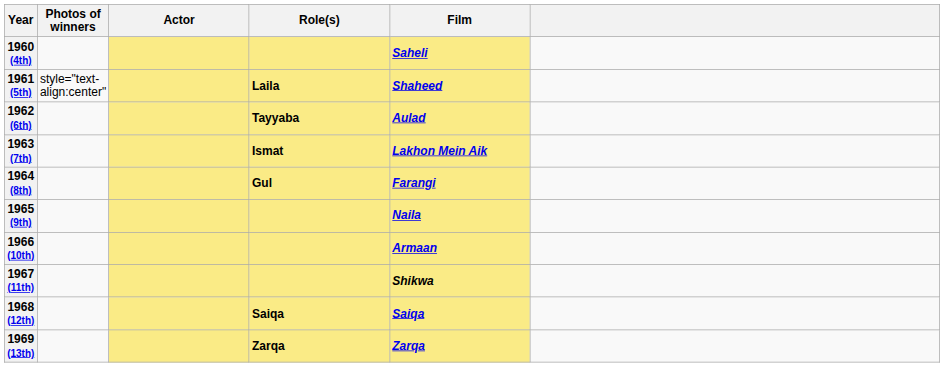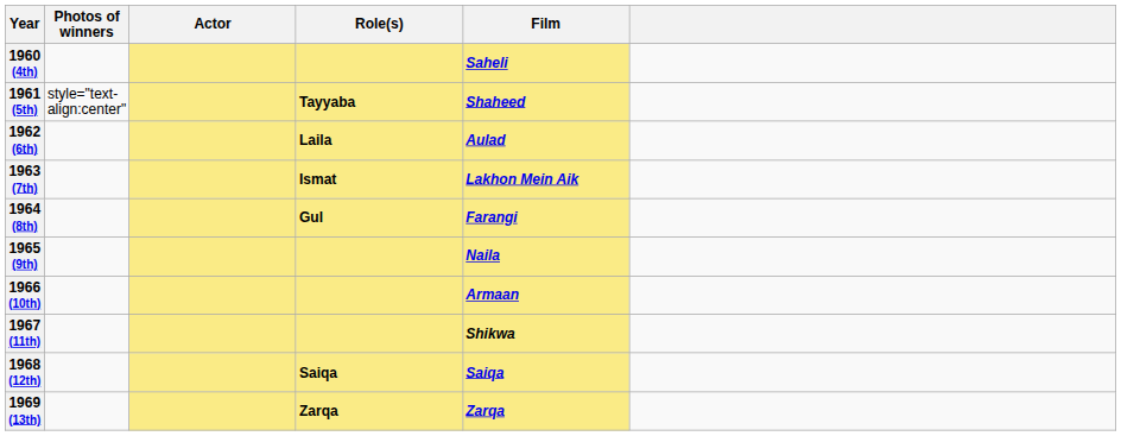 <table class="wikitable sortable" style="text-align:left;">
 <tr>
 <th scope="col" style="width:3%; text-align:center;">Year</th>
 <th scope="col" style="width:3%;text-align:center;">Photos of winners</th>
 <th scope="col" style="width:15%;text-align:center;">Actor</th>
 <th scope="col" style="width:15%;text-align:center;">Role(s)</th>
 <th scope="col" style="width:15%;text-align:center;">Film</th>
 <th scope="col" class="unsortable"></th>
 </tr>
 <tr>
 <th style="text-align:center">1960 <br><small><a href='#'>(4th)</a> </small></th>
 <td style="text-align:center"></td>
 <td style="background:#FAEB86;"><strong></strong> </td>
 <td style="background:#FAEB86;"><strong></strong></td>
 <td style="background:#FAEB86;"><strong><em><a href='#'>Saheli</a></em></strong></td>
 <td></td>
 </tr>
 <tr>
 <th style="text-align:center">1961 <br><small><a href='#'>(5th)</a></small></th>
 <td>style="text-align:center" </td>
 <td style="background:#FAEB86;"><strong></strong> </td>
-<td style="background:#FAEB86;"><strong>Laila</strong></td>
+<td style="background:#FAEB86;"><strong>Tayyaba</strong></td>
 <td style="background:#FAEB86;"><strong><em><a href='#'>Shaheed</a></em></strong></td>
 <td></td>
 </tr>
 <tr>
 <th style="text-align:center">1962 <br><small><a href='#'>(6th)</a> </small></th>
 <td style="text-align:center"></td>
 <td style="background:#FAEB86;"><strong></strong> </td>
-<td style="background:#FAEB86;"><strong>Tayyaba</strong></td>
+<td style="background:#FAEB86;"><strong>Laila</strong></td>
 <td style="background:#FAEB86;"><strong><em><a href='#'>Aulad</a></em></strong></td>
 <td></td>
 </tr>
 <tr>
 <th style="text-align:center">1963 <br><small><a href='#'>(7th)</a> </small></th>
 <td style="text-align:center"></td>
 <td style="background:#FAEB86;"><strong></strong> </td>
 <td style="background:#FAEB86;"><strong>Ismat</strong></td>
 <td style="background:#FAEB86;"><strong><em><a href='#'>Lakhon Mein Aik</a></em></strong></td>
 <td></td>
 </tr>
 <tr>
 <th style="text-align:center">1964 <br><small><a href='#'>(8th)</a> </small></th>
 <td style="text-align:center"></td>
 <td style="background:#FAEB86;"><strong></strong> </td>
 <td style="background:#FAEB86;"><strong>Gul</strong></td>
 <td style="background:#FAEB86;"><strong><em><a href='#'>Farangi</a></em></strong></td>
 <td></td>
 </tr>
 <tr>
 <th style="text-align:center">1965 <br><small><a href='#'>(9th)</a> </small></th>
 <td style="text-align:center"></td>
 <td style="background:#FAEB86;"><strong></strong> </td>
 <td style="background:#FAEB86;"><strong></strong></td>
 <td style="background:#FAEB86;"><strong><em><a href='#'>Naila</a></em></strong></td>
 <td></td>
 </tr>
 <tr>
 <th style="text-align:center">1966 <br><small><a href='#'>(10th)</a> </small></th>
 <td style="text-align:center"></td>
 <td style="background:#FAEB86;"><strong></strong> </td>
 <td style="background:#FAEB86;"><strong></strong></td>
 <td style="background:#FAEB86;"><strong><em><a href='#'>Armaan</a></em></strong></td>
 <td></td>
 </tr>
 <tr>
 <th style="text-align:center">1967 <br><small><a href='#'>(11th)</a> </small></th>
 <td style="text-align:center"></td>
 <td style="background:#FAEB86;"><strong></strong> </td>
 <td style="background:#FAEB86;"><strong></strong></td>
 <td style="background:#FAEB86;"><strong><em>Shikwa</em></strong></td>
 <td></td>
 </tr>
 <tr>
 <th style="text-align:center">1968 <br><small><a href='#'>(12th)</a> </small></th>
 <td style="text-align:center"></td>
 <td style="background:#FAEB86;"><strong></strong> </td>
 <td style="background:#FAEB86;"><strong>Saiqa</strong></td>
 <td style="background:#FAEB86;"><strong><em><a href='#'>Saiqa</a></em></strong></td>
 <td></td>
 </tr>
 <tr>
 <th style="text-align:center">1969 <br><small><a href='#'>(13th)</a> </small></th>
 <td style="text-align:center"></td>
 <td style="background:#FAEB86;"><strong></strong> </td>
 <td style="background:#FAEB86;"><strong>Zarqa</strong></td>
 <td style="background:#FAEB86;"><strong><em><a href='#'>Zarqa</a></em></strong></td>
 <td></td>
 </tr>
 </table>
